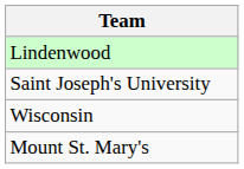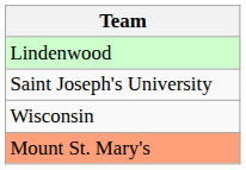 <table class="wikitable" style="text-align: center;">
 <tr>
 <th width="180">Team</th>
 </tr>
 <tr bgcolor=#ccffcc>
 <td align="left">Lindenwood</td>
 </tr>
 <tr>
 <td align="left">Saint Joseph's University</td>
 </tr>
 <tr>
 <td align="left">Wisconsin</td>
 </tr>
 <tr>
-<td align="left">Mount St. Mary's</td>
+<td align="left" style="background: lightsalmon;">Mount St. Mary's</td>
 </tr>
 </table>
